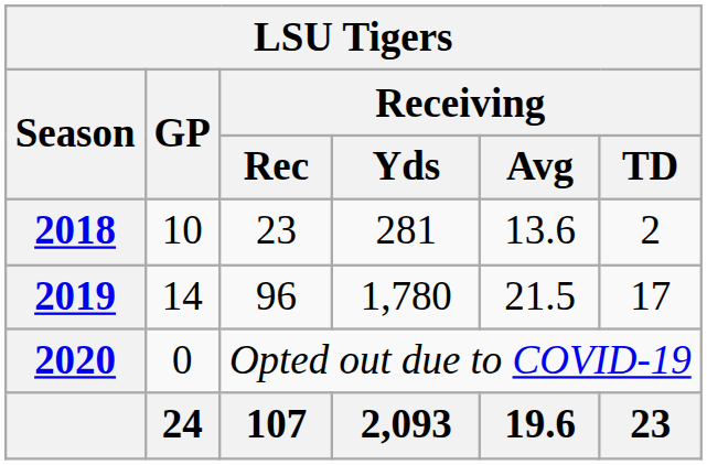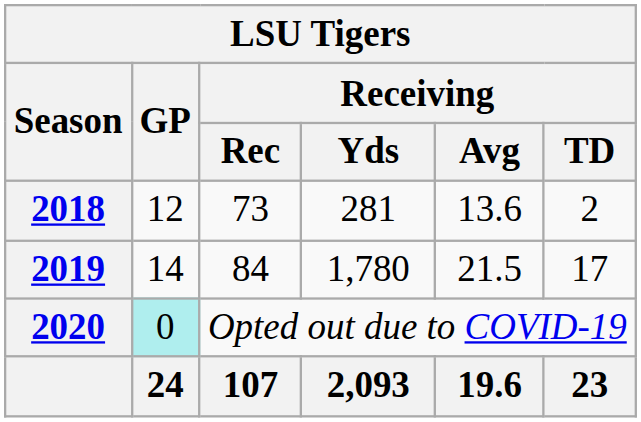 <table class="wikitable" style="text-align:center;">
 <tr>
 <th colspan="6">LSU Tigers</th>
 </tr>
 <tr>
 <th rowspan="2">Season</th>
 <th rowspan="2">GP</th>
 <th colspan="4">Receiving</th>
 </tr>
 <tr>
 <th>Rec</th>
 <th>Yds</th>
 <th>Avg</th>
 <th>TD</th>
 </tr>
 <tr>
 <th><a href='#'>2018</a></th>
-<td>10</td>
-<td>23</td>
+<td>12</td>
+<td>73</td>
 <td>281</td>
 <td>13.6</td>
 <td>2</td>
 </tr>
 <tr>
 <th><a href='#'>2019</a></th>
 <td>14</td>
-<td>96</td>
+<td>84</td>
 <td>1,780</td>
 <td>21.5</td>
 <td>17</td>
 </tr>
 <tr>
 <th><a href='#'>2020</a></th>
-<td>0</td>
+<td style="background: paleturquoise;">0</td>
 <td colspan="4"><em>Opted out due to <a href='#'>COVID-19</a></em></td>
 </tr>
 <tr>
 <th></th>
 <th>24</th>
 <th>107</th>
 <th>2,093</th>
 <th>19.6</th>
 <th>23</th>
 </tr>
 </table>
